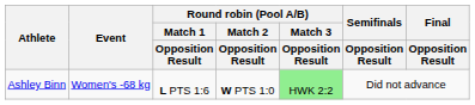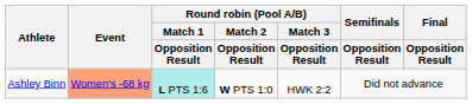 <table class="wikitable" border="1" style="font-size:90%">
 <tr>
 <th rowspan=3>Athlete</th>
 <th rowspan=3>Event</th>
 <th colspan=3>Round robin (Pool A/B)</th>
 <th rowspan=2>Semifinals</th>
 <th rowspan=2>Final</th>
 </tr>
 <tr>
 <th>Match 1</th>
 <th>Match 2</th>
 <th>Match 3</th>
 </tr>
 <tr>
 <th>Opposition<br>Result</th>
 <th>Opposition<br>Result</th>
 <th>Opposition<br>Result</th>
 <th>Opposition<br>Result</th>
 <th>Opposition<br>Result</th>
 </tr>
 <tr>
 <td><a href='#'>Ashley Binn</a></td>
-<td><a href='#'>Women's -68 kg</a></td>
-<td align=center><br> <strong>L</strong> PTS 1:6</td>
+<td style="background: lightsalmon;"><a href='#'>Women's -68 kg</a></td>
+<td align=center style="background: paleturquoise;"><br> <strong>L</strong> PTS 1:6</td>
 <td align=center><br><strong>W</strong> PTS 1:0</td>
-<td align=center style="background: lightgreen;"><br>HWK 2:2</td>
+<td align=center><br>HWK 2:2</td>
 <td align="center" colspan="7">Did not advance</td>
 </tr>
 </table>
